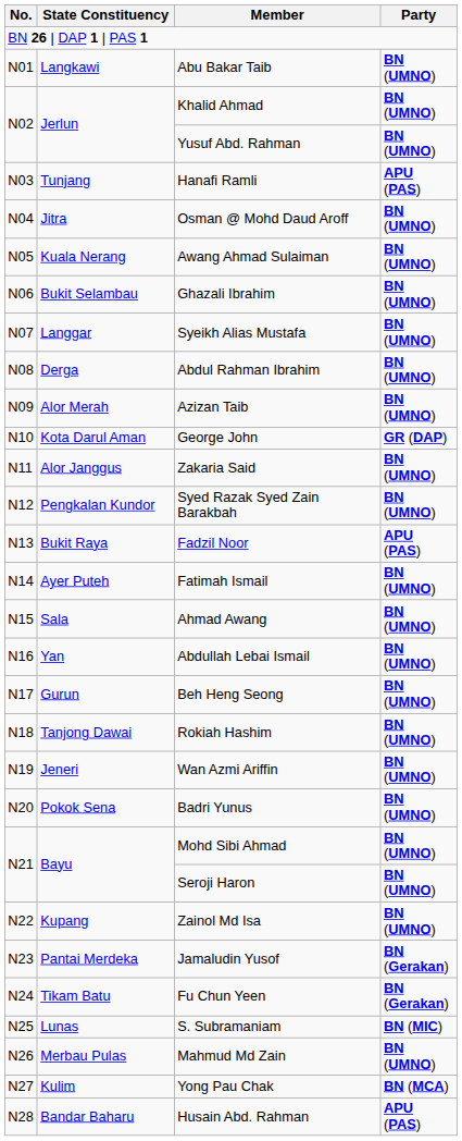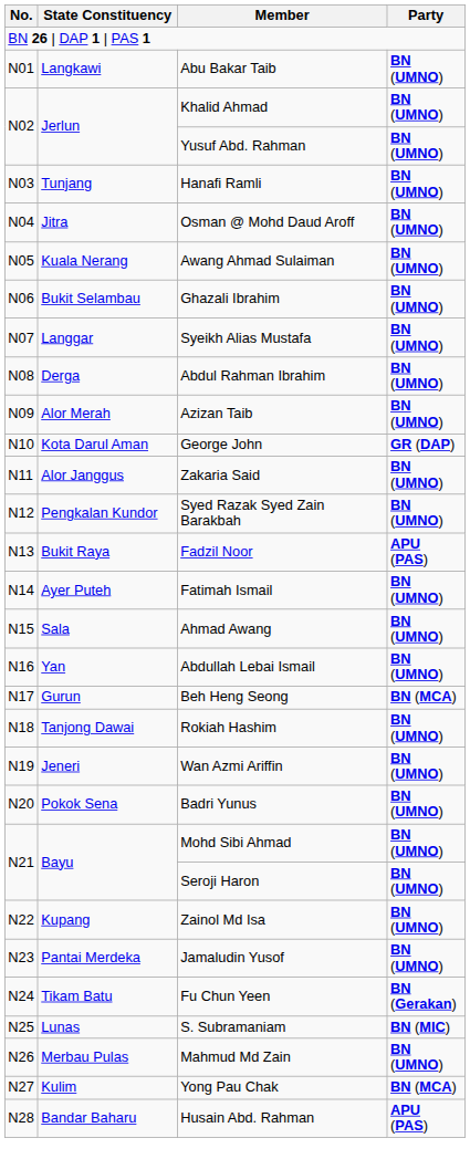 <table class="wikitable sortable">
 <tr>
 <th style="width:30px;">No.</th>
 <th style="width:150px;">State Constituency</th>
 <th style="width:230px;">Member</th>
 <th style="width:80px;">Party</th>
 </tr>
 <tr>
 <td colspan="4"><a href='#'>BN</a> <strong>26</strong> | <a href='#'>DAP</a> <strong>1</strong> | <a href='#'>PAS</a> <strong>1</strong></td>
 </tr>
 <tr>
 <td>N01</td>
 <td><a href='#'>Langkawi</a></td>
 <td>Abu Bakar Taib</td>
 <td><strong><a href='#'>BN</a></strong> (<strong><a href='#'>UMNO</a></strong>)</td>
 </tr>
 <tr>
 <td rowspan=2>N02</td>
 <td rowspan=2><a href='#'>Jerlun</a></td>
 <td>Khalid Ahmad </td>
 <td><strong><a href='#'>BN</a></strong> (<strong><a href='#'>UMNO</a></strong>)</td>
 </tr>
 <tr>
 <td>Yusuf Abd. Rahman </td>
 <td><strong><a href='#'>BN</a></strong> (<strong><a href='#'>UMNO</a></strong>)</td>
 </tr>
 <tr>
 <td>N03</td>
 <td><a href='#'>Tunjang</a></td>
 <td>Hanafi Ramli</td>
-<td><strong><a href='#'>APU</a></strong> (<strong><a href='#'>PAS</a></strong>)</td>
+<td><strong><a href='#'>BN</a></strong> (<strong><a href='#'>UMNO</a></strong>)</td>
 </tr>
 <tr>
 <td>N04</td>
 <td><a href='#'>Jitra</a></td>
 <td>Osman @ Mohd Daud Aroff</td>
 <td><strong><a href='#'>BN</a></strong> (<strong><a href='#'>UMNO</a></strong>)</td>
 </tr>
 <tr>
 <td>N05</td>
 <td><a href='#'>Kuala Nerang</a></td>
 <td>Awang Ahmad Sulaiman</td>
 <td><strong><a href='#'>BN</a></strong> (<strong><a href='#'>UMNO</a></strong>)</td>
 </tr>
 <tr>
 <td>N06</td>
 <td><a href='#'>Bukit Selambau</a></td>
 <td>Ghazali Ibrahim</td>
 <td><strong><a href='#'>BN</a></strong> (<strong><a href='#'>UMNO</a></strong>)</td>
 </tr>
 <tr>
 <td>N07</td>
 <td><a href='#'>Langgar</a></td>
 <td>Syeikh Alias Mustafa</td>
 <td><strong><a href='#'>BN</a></strong> (<strong><a href='#'>UMNO</a></strong>)</td>
 </tr>
 <tr>
 <td>N08</td>
 <td><a href='#'>Derga</a></td>
 <td>Abdul Rahman Ibrahim</td>
 <td><strong><a href='#'>BN</a></strong> (<strong><a href='#'>UMNO</a></strong>)</td>
 </tr>
 <tr>
 <td>N09</td>
 <td><a href='#'>Alor Merah</a></td>
 <td>Azizan Taib</td>
 <td><strong><a href='#'>BN</a></strong> (<strong><a href='#'>UMNO</a></strong>)</td>
 </tr>
 <tr>
 <td>N10</td>
 <td><a href='#'>Kota Darul Aman</a></td>
 <td>George John</td>
 <td><strong><a href='#'>GR</a></strong> (<strong><a href='#'>DAP</a></strong>)</td>
 </tr>
 <tr>
 <td>N11</td>
 <td><a href='#'>Alor Janggus</a></td>
 <td>Zakaria Said</td>
 <td><strong><a href='#'>BN</a></strong> (<strong><a href='#'>UMNO</a></strong>)</td>
 </tr>
 <tr>
 <td>N12</td>
 <td><a href='#'>Pengkalan Kundor</a></td>
 <td>Syed Razak Syed Zain Barakbah</td>
 <td><strong><a href='#'>BN</a></strong> (<strong><a href='#'>UMNO</a></strong>)</td>
 </tr>
 <tr>
 <td>N13</td>
 <td><a href='#'>Bukit Raya</a></td>
 <td><a href='#'>Fadzil Noor</a></td>
 <td><strong><a href='#'>APU</a></strong> (<strong><a href='#'>PAS</a></strong>)</td>
 </tr>
 <tr>
 <td>N14</td>
 <td><a href='#'>Ayer Puteh</a></td>
 <td>Fatimah Ismail</td>
 <td><strong><a href='#'>BN</a></strong> (<strong><a href='#'>UMNO</a></strong>)</td>
 </tr>
 <tr>
 <td>N15</td>
 <td><a href='#'>Sala</a></td>
 <td>Ahmad Awang</td>
 <td><strong><a href='#'>BN</a></strong> (<strong><a href='#'>UMNO</a></strong>)</td>
 </tr>
 <tr>
 <td>N16</td>
 <td><a href='#'>Yan</a></td>
 <td>Abdullah Lebai Ismail</td>
 <td><strong><a href='#'>BN</a></strong> (<strong><a href='#'>UMNO</a></strong>)</td>
 </tr>
 <tr>
 <td>N17</td>
 <td><a href='#'>Gurun</a></td>
 <td>Beh Heng Seong</td>
-<td><strong><a href='#'>BN</a></strong> (<strong><a href='#'>UMNO</a></strong>)</td>
+<td><strong><a href='#'>BN</a></strong> (<strong><a href='#'>MCA</a></strong>)</td>
 </tr>
 <tr>
 <td>N18</td>
 <td><a href='#'>Tanjong Dawai</a></td>
 <td>Rokiah Hashim</td>
 <td><strong><a href='#'>BN</a></strong> (<strong><a href='#'>UMNO</a></strong>)</td>
 </tr>
 <tr>
 <td>N19</td>
 <td><a href='#'>Jeneri</a></td>
 <td>Wan Azmi Ariffin</td>
 <td><strong><a href='#'>BN</a></strong> (<strong><a href='#'>UMNO</a></strong>)</td>
 </tr>
 <tr>
 <td>N20</td>
 <td><a href='#'>Pokok Sena</a></td>
 <td>Badri Yunus</td>
 <td><strong><a href='#'>BN</a></strong> (<strong><a href='#'>UMNO</a></strong>)</td>
 </tr>
 <tr>
 <td rowspan=2>N21</td>
 <td rowspan=2><a href='#'>Bayu</a></td>
 <td>Mohd Sibi Ahmad </td>
 <td><strong><a href='#'>BN</a></strong> (<strong><a href='#'>UMNO</a></strong>)</td>
 </tr>
 <tr>
 <td>Seroji Haron </td>
 <td><strong><a href='#'>BN</a></strong> (<strong><a href='#'>UMNO</a></strong>)</td>
 </tr>
 <tr>
 <td>N22</td>
 <td><a href='#'>Kupang</a></td>
 <td>Zainol Md Isa</td>
 <td><strong><a href='#'>BN</a></strong> (<strong><a href='#'>UMNO</a></strong>)</td>
 </tr>
 <tr>
 <td>N23</td>
 <td><a href='#'>Pantai Merdeka</a></td>
 <td>Jamaludin Yusof</td>
-<td><strong><a href='#'>BN</a></strong> (<strong><a href='#'>Gerakan</a></strong>)</td>
+<td><strong><a href='#'>BN</a></strong> (<strong><a href='#'>UMNO</a></strong>)</td>
 </tr>
 <tr>
 <td>N24</td>
 <td><a href='#'>Tikam Batu</a></td>
 <td>Fu Chun Yeen</td>
 <td><strong><a href='#'>BN</a></strong> (<strong><a href='#'>Gerakan</a></strong>)</td>
 </tr>
 <tr>
 <td>N25</td>
 <td><a href='#'>Lunas</a></td>
 <td>S. Subramaniam</td>
 <td><strong><a href='#'>BN</a></strong> (<strong><a href='#'>MIC</a></strong>)</td>
 </tr>
 <tr>
 <td>N26</td>
 <td><a href='#'>Merbau Pulas</a></td>
 <td>Mahmud Md Zain</td>
 <td><strong><a href='#'>BN</a></strong> (<strong><a href='#'>UMNO</a></strong>)</td>
 </tr>
 <tr>
 <td>N27</td>
 <td><a href='#'>Kulim</a></td>
 <td>Yong Pau Chak</td>
 <td><strong><a href='#'>BN</a></strong> (<strong><a href='#'>MCA</a></strong>)</td>
 </tr>
 <tr>
 <td>N28</td>
 <td><a href='#'>Bandar Baharu</a></td>
 <td>Husain Abd. Rahman</td>
 <td><strong><a href='#'>APU</a></strong> (<strong><a href='#'>PAS</a></strong>)</td>
 </tr>
 </table>
